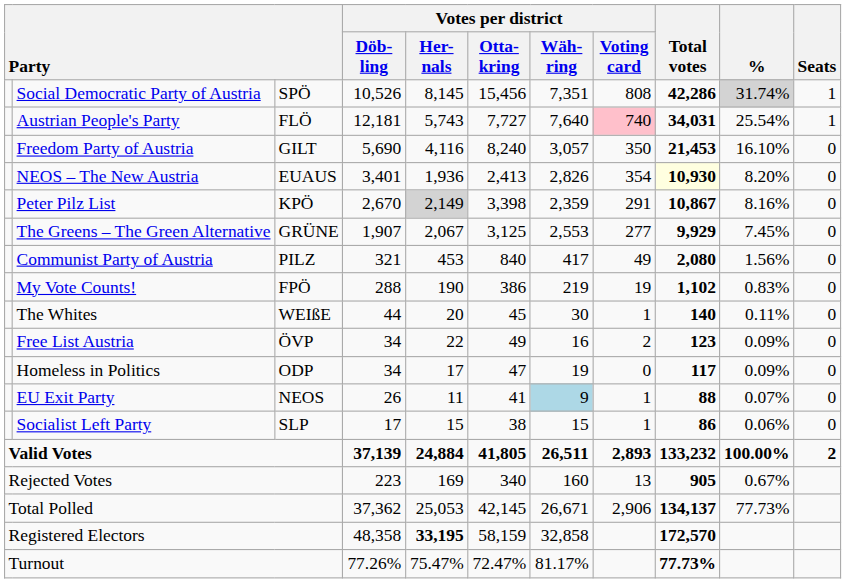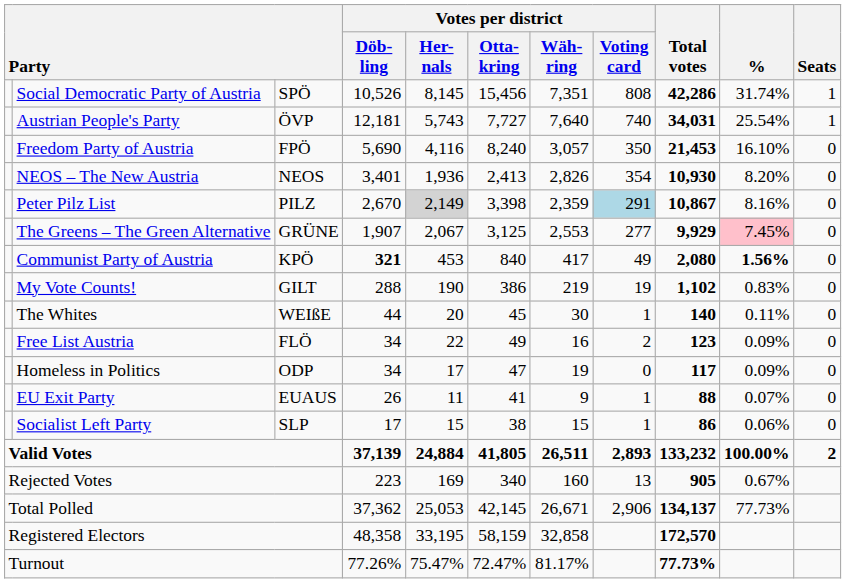 <table class="wikitable" border="1" style="text-align:right;">
 <tr>
 <th style="text-align:left;" valign=bottom rowspan=2 colspan=3>Party</th>
 <th colspan=5>Votes per district</th>
 <th align=center valign=bottom rowspan=2 width="50">Total<br>votes</th>
 <th align=center valign=bottom rowspan=2 width="50">%</th>
 <th align=center valign=bottom rowspan=2>Seats</th>
 </tr>
 <tr>
 <th align=center valign=bottom width="50"><a href='#'>Döb-<br>ling</a></th>
 <th align=center valign=bottom width="50"><a href='#'>Her-<br>nals</a></th>
 <th align=center valign=bottom width="50"><a href='#'>Otta-<br>kring</a></th>
 <th align=center valign=bottom width="50"><a href='#'>Wäh-<br>ring</a></th>
 <th align=center valign=bottom width="50"><a href='#'>Voting<br>card</a></th>
 </tr>
 <tr>
 <td></td>
 <td align=left><a href='#'>Social Democratic Party of Austria</a></td>
 <td align=left>SPÖ</td>
 <td>10,526</td>
 <td>8,145</td>
 <td>15,456</td>
 <td>7,351</td>
 <td>808</td>
 <td><strong>42,286</strong></td>
-<td style="background: lightgrey;">31.74%</td>
+<td>31.74%</td>
 <td>1</td>
 </tr>
 <tr>
 <td></td>
 <td align=left><a href='#'>Austrian People's Party</a></td>
-<td align=left>FLÖ</td>
+<td align=left>ÖVP</td>
 <td>12,181</td>
 <td>5,743</td>
 <td>7,727</td>
 <td>7,640</td>
-<td style="background: pink;">740</td>
+<td>740</td>
 <td><strong>34,031</strong></td>
 <td>25.54%</td>
 <td>1</td>
 </tr>
 <tr>
 <td></td>
 <td align=left><a href='#'>Freedom Party of Austria</a></td>
-<td align=left>GILT</td>
+<td align=left>FPÖ</td>
 <td>5,690</td>
 <td>4,116</td>
 <td>8,240</td>
 <td>3,057</td>
 <td>350</td>
 <td><strong>21,453</strong></td>
 <td>16.10%</td>
 <td>0</td>
 </tr>
 <tr>
 <td></td>
 <td align=left><a href='#'>NEOS – The New Austria</a></td>
-<td align=left>EUAUS</td>
+<td align=left>NEOS</td>
 <td>3,401</td>
 <td>1,936</td>
 <td>2,413</td>
 <td>2,826</td>
 <td>354</td>
-<td style="background: lightyellow;"><strong>10,930</strong></td>
+<td><strong>10,930</strong></td>
 <td>8.20%</td>
 <td>0</td>
 </tr>
 <tr>
 <td></td>
 <td align=left><a href='#'>Peter Pilz List</a></td>
-<td align=left>KPÖ</td>
+<td align=left>PILZ</td>
 <td>2,670</td>
 <td style="background: lightgrey;">2,149</td>
 <td>3,398</td>
 <td>2,359</td>
-<td>291</td>
+<td style="background: lightblue;">291</td>
 <td><strong>10,867</strong></td>
 <td>8.16%</td>
 <td>0</td>
 </tr>
 <tr>
 <td></td>
 <td align=left style="white-space: nowrap;"><a href='#'>The Greens – The Green Alternative</a></td>
 <td align=left>GRÜNE</td>
 <td>1,907</td>
 <td>2,067</td>
 <td>3,125</td>
 <td>2,553</td>
 <td>277</td>
 <td><strong>9,929</strong></td>
-<td>7.45%</td>
+<td style="background: pink;">7.45%</td>
 <td>0</td>
 </tr>
 <tr>
 <td></td>
 <td align=left><a href='#'>Communist Party of Austria</a></td>
-<td align=left>PILZ</td>
-<td>321</td>
+<td align=left>KPÖ</td>
+<td><strong>321</strong></td>
 <td>453</td>
 <td>840</td>
 <td>417</td>
 <td>49</td>
 <td><strong>2,080</strong></td>
-<td>1.56%</td>
+<td><strong>1.56%</strong></td>
 <td>0</td>
 </tr>
 <tr>
 <td></td>
 <td align=left><a href='#'>My Vote Counts!</a></td>
-<td align=left>FPÖ</td>
+<td align=left>GILT</td>
 <td>288</td>
 <td>190</td>
 <td>386</td>
 <td>219</td>
 <td>19</td>
 <td><strong>1,102</strong></td>
 <td>0.83%</td>
 <td>0</td>
 </tr>
 <tr>
 <td></td>
 <td align=left>The Whites</td>
 <td align=left>WEIßE</td>
 <td>44</td>
 <td>20</td>
 <td>45</td>
 <td>30</td>
 <td>1</td>
 <td><strong>140</strong></td>
 <td>0.11%</td>
 <td>0</td>
 </tr>
 <tr>
 <td></td>
 <td align=left><a href='#'>Free List Austria</a></td>
-<td align=left>ÖVP</td>
+<td align=left>FLÖ</td>
 <td>34</td>
 <td>22</td>
 <td>49</td>
 <td>16</td>
 <td>2</td>
 <td><strong>123</strong></td>
 <td>0.09%</td>
 <td>0</td>
 </tr>
 <tr>
 <td></td>
 <td align=left>Homeless in Politics</td>
 <td align=left>ODP</td>
 <td>34</td>
 <td>17</td>
 <td>47</td>
 <td>19</td>
 <td>0</td>
 <td><strong>117</strong></td>
 <td>0.09%</td>
 <td>0</td>
 </tr>
 <tr>
 <td></td>
 <td align=left><a href='#'>EU Exit Party</a></td>
-<td align=left>NEOS</td>
+<td align=left>EUAUS</td>
 <td>26</td>
 <td>11</td>
 <td>41</td>
-<td style="background: lightblue;">9</td>
+<td>9</td>
 <td>1</td>
 <td><strong>88</strong></td>
 <td>0.07%</td>
 <td>0</td>
 </tr>
 <tr>
 <td></td>
 <td align=left><a href='#'>Socialist Left Party</a></td>
 <td align=left>SLP</td>
 <td>17</td>
 <td>15</td>
 <td>38</td>
 <td>15</td>
 <td>1</td>
 <td><strong>86</strong></td>
 <td>0.06%</td>
 <td>0</td>
 </tr>
 <tr style="font-weight:bold">
 <td align=left colspan=3>Valid Votes</td>
 <td>37,139</td>
 <td>24,884</td>
 <td>41,805</td>
 <td>26,511</td>
 <td>2,893</td>
 <td>133,232</td>
 <td>100.00%</td>
 <td>2</td>
 </tr>
 <tr>
 <td align=left colspan=3>Rejected Votes</td>
 <td>223</td>
 <td>169</td>
 <td>340</td>
 <td>160</td>
 <td>13</td>
 <td><strong>905</strong></td>
 <td>0.67%</td>
 <td></td>
 </tr>
 <tr>
 <td align=left colspan=3>Total Polled</td>
 <td>37,362</td>
 <td>25,053</td>
 <td>42,145</td>
 <td>26,671</td>
 <td>2,906</td>
 <td><strong>134,137</strong></td>
 <td>77.73%</td>
 <td></td>
 </tr>
 <tr>
 <td align=left colspan=3>Registered Electors</td>
 <td>48,358</td>
-<td><strong>33,195</strong></td>
+<td>33,195</td>
 <td>58,159</td>
 <td>32,858</td>
 <td></td>
 <td><strong>172,570</strong></td>
 <td></td>
 <td></td>
 </tr>
 <tr>
 <td align=left colspan=3>Turnout</td>
 <td>77.26%</td>
 <td>75.47%</td>
 <td>72.47%</td>
 <td>81.17%</td>
 <td></td>
 <td><strong>77.73%</strong></td>
 <td></td>
 <td></td>
 </tr>
 </table>
